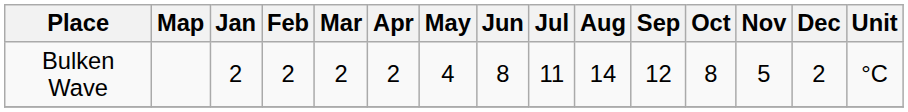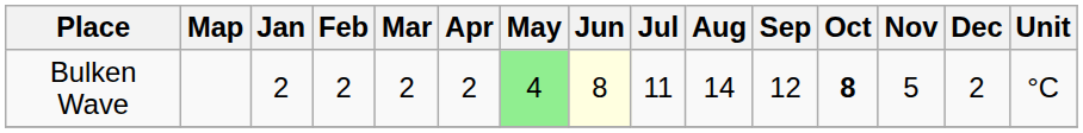 <table class="wikitable" style="text-align: center;">
 <tr>
 <th>Place</th>
 <th>Map</th>
 <th>Jan</th>
 <th>Feb</th>
 <th>Mar</th>
 <th>Apr</th>
 <th>May</th>
 <th>Jun</th>
 <th>Jul</th>
 <th>Aug</th>
 <th>Sep</th>
 <th>Oct</th>
 <th>Nov</th>
 <th>Dec</th>
 <th>Unit</th>
 </tr>
 <tr>
 <td>Bulken Wave</td>
 <td></td>
 <td>2</td>
 <td>2</td>
 <td>2</td>
 <td>2</td>
-<td>4</td>
-<td>8</td>
+<td style="background: lightgreen;">4</td>
+<td style="background: lightyellow;">8</td>
 <td>11</td>
 <td>14</td>
 <td>12</td>
-<td>8</td>
+<td><strong>8</strong></td>
 <td>5</td>
 <td>2</td>
 <td>°C</td>
 </tr>
 <tr>
 </tr>
 </table>
